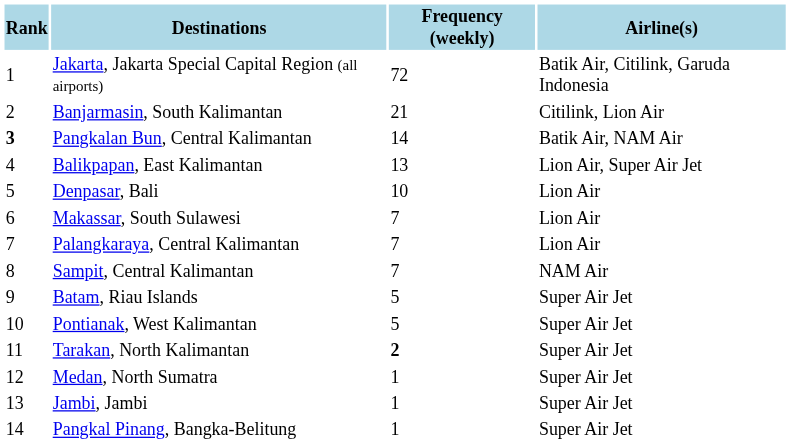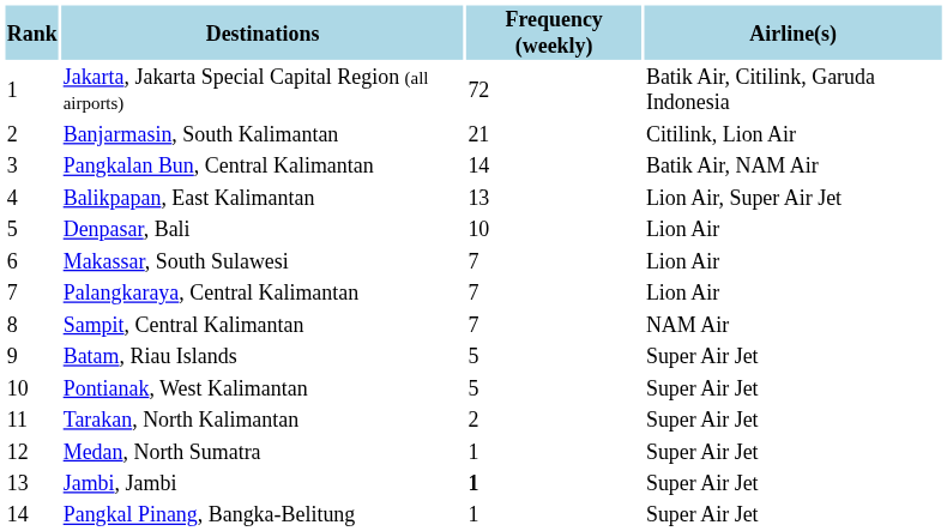 <table class="sortable" style="font-size:89%; align=center;">
 <tr style="background:lightblue;">
 <th>Rank</th>
 <th>Destinations</th>
 <th>Frequency (weekly)</th>
 <th>Airline(s)</th>
 </tr>
 <tr>
 <td>1</td>
 <td> <a href='#'>Jakarta</a>, Jakarta Special Capital Region <small>(all airports)</small></td>
 <td>72</td>
 <td>Batik Air, Citilink, Garuda Indonesia</td>
 </tr>
 <tr>
 <td>2</td>
 <td> <a href='#'>Banjarmasin</a>, South Kalimantan</td>
 <td>21</td>
 <td>Citilink, Lion Air</td>
 </tr>
 <tr>
-<td><strong>3</strong></td>
+<td>3</td>
 <td> <a href='#'>Pangkalan Bun</a>, Central Kalimantan</td>
 <td>14</td>
 <td>Batik Air, NAM Air</td>
 </tr>
 <tr>
 <td>4</td>
 <td> <a href='#'>Balikpapan</a>, East Kalimantan</td>
 <td>13</td>
 <td>Lion Air, Super Air Jet</td>
 </tr>
 <tr>
 <td>5</td>
 <td> <a href='#'>Denpasar</a>, Bali</td>
 <td>10</td>
 <td>Lion Air</td>
 </tr>
 <tr>
 <td>6</td>
 <td> <a href='#'>Makassar</a>, South Sulawesi</td>
 <td>7</td>
 <td>Lion Air</td>
 </tr>
 <tr>
 <td>7</td>
 <td> <a href='#'>Palangkaraya</a>, Central Kalimantan</td>
 <td>7</td>
 <td>Lion Air</td>
 </tr>
 <tr>
 <td>8</td>
 <td> <a href='#'>Sampit</a>, Central Kalimantan</td>
 <td>7</td>
 <td>NAM Air</td>
 </tr>
 <tr>
 <td>9</td>
 <td> <a href='#'>Batam</a>, Riau Islands</td>
 <td>5</td>
 <td>Super Air Jet</td>
 </tr>
 <tr>
 <td>10</td>
 <td> <a href='#'>Pontianak</a>, West Kalimantan</td>
 <td>5</td>
 <td>Super Air Jet</td>
 </tr>
 <tr>
 <td>11</td>
 <td> <a href='#'>Tarakan</a>, North Kalimantan</td>
-<td><strong>2</strong></td>
+<td>2</td>
 <td>Super Air Jet</td>
 </tr>
 <tr>
 <td>12</td>
 <td> <a href='#'>Medan</a>, North Sumatra</td>
 <td>1</td>
 <td>Super Air Jet</td>
 </tr>
 <tr>
 <td>13</td>
 <td> <a href='#'>Jambi</a>, Jambi</td>
-<td>1</td>
+<td><strong>1</strong></td>
 <td>Super Air Jet</td>
 </tr>
 <tr>
 <td>14</td>
 <td> <a href='#'>Pangkal Pinang</a>, Bangka-Belitung</td>
 <td>1</td>
 <td>Super Air Jet</td>
 </tr>
 <tr>
 </tr>
 </table>
